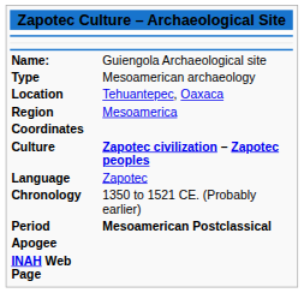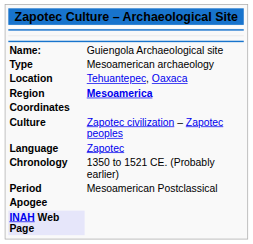 <table class="infobox" style="font-size:90%; text-align:left; width:23.5em">
 <tr>
 <td colspan="3" bgcolor=#1874CD style="text-align: center; font-size: larger;"><span><strong> Zapotec Culture – Archaeological Site</strong></span></td>
 </tr>
 <tr style="vertical-align: top; text-align: center;">
 <td colspan=3 bgcolor="#FFFFFF" align="center"></td>
 </tr>
 <tr>
 <td colspan="2" bgcolor=#1874CD></td>
 </tr>
 <tr>
 <td colspan=2></td>
 </tr>
 <tr>
 <td style="background:#efefef;"align="center" colspan="2"></td>
 </tr>
 <tr>
 <td colspan="2"></td>
 </tr>
 <tr>
 <td colspan="2" bgcolor=#1874CD></td>
 </tr>
 <tr>
 <td><strong>Name:</strong></td>
 <td><span> Guiengola Archaeological site</span></td>
 </tr>
 <tr>
 <td><strong>Type</strong></td>
 <td>Mesoamerican archaeology</td>
 </tr>
 <tr>
 <td><strong>Location</strong></td>
 <td><a href='#'>Tehuantepec</a>, <a href='#'>Oaxaca</a> <br></td>
 </tr>
 <tr>
 <td><strong>Region</strong></td>
-<td><a href='#'>Mesoamerica</a></td>
+<td><strong><a href='#'>Mesoamerica</a></strong></td>
 </tr>
 <tr>
 <td><strong>Coordinates</strong></td>
 <td></td>
 </tr>
 <tr>
 <td><strong>Culture</strong></td>
-<td><strong><a href='#'>Zapotec civilization</a> – <a href='#'>Zapotec peoples</a></strong></td>
+<td><a href='#'>Zapotec civilization</a> – <a href='#'>Zapotec peoples</a></td>
 </tr>
 <tr>
 <td><strong>Language</strong></td>
 <td><a href='#'>Zapotec</a></td>
 </tr>
 <tr>
 <td><strong>Chronology</strong></td>
 <td>1350 to 1521 CE. (Probably earlier)</td>
 </tr>
 <tr>
 <td><strong>Period</strong></td>
-<td><strong>Mesoamerican Postclassical</strong></td>
+<td>Mesoamerican Postclassical</td>
 </tr>
 <tr>
 <td><strong>Apogee</strong></td>
 <td></td>
 </tr>
 <tr>
-<td><strong><a href='#'>INAH</a> Web Page</strong></td>
+<td style="background: lavender;"><strong><a href='#'>INAH</a> Web Page</strong></td>
 <td></td>
 </tr>
 </table>
